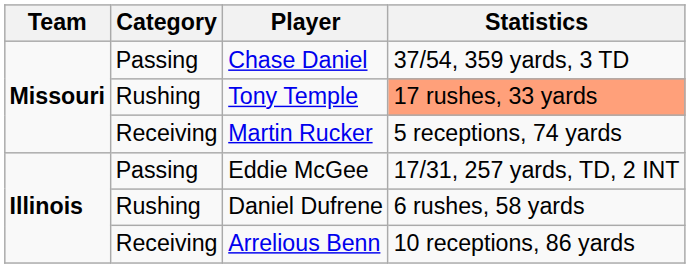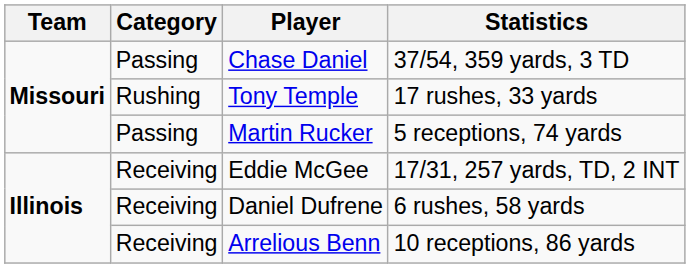 <table class="wikitable" style="float: right;">
 <tr>
 <th>Team</th>
 <th>Category</th>
 <th>Player</th>
 <th>Statistics</th>
 </tr>
 <tr>
 <td rowspan=3><strong>Missouri</strong></td>
 <td>Passing</td>
 <td><a href='#'>Chase Daniel</a></td>
 <td>37/54, 359 yards, 3 TD</td>
 </tr>
 <tr>
 <td>Rushing</td>
 <td><a href='#'>Tony Temple</a></td>
-<td style="background: lightsalmon;">17 rushes, 33 yards</td>
+<td>17 rushes, 33 yards</td>
 </tr>
 <tr>
-<td>Receiving</td>
+<td>Passing</td>
 <td><a href='#'>Martin Rucker</a></td>
 <td>5 receptions, 74 yards</td>
 </tr>
 <tr>
 <td rowspan=3><strong>Illinois</strong></td>
-<td>Passing</td>
+<td>Receiving</td>
 <td>Eddie McGee</td>
 <td>17/31, 257 yards, TD, 2 INT</td>
 </tr>
 <tr>
-<td>Rushing</td>
+<td>Receiving</td>
 <td>Daniel Dufrene</td>
 <td>6 rushes, 58 yards</td>
 </tr>
 <tr>
 <td>Receiving</td>
 <td><a href='#'>Arrelious Benn</a></td>
 <td>10 receptions, 86 yards</td>
 </tr>
 </table>
